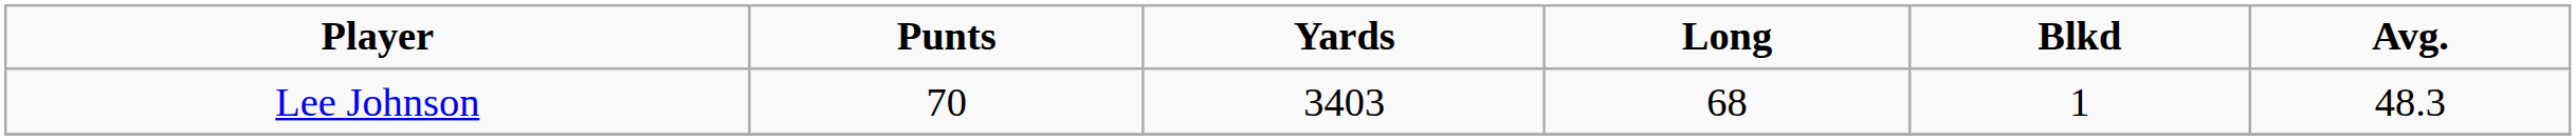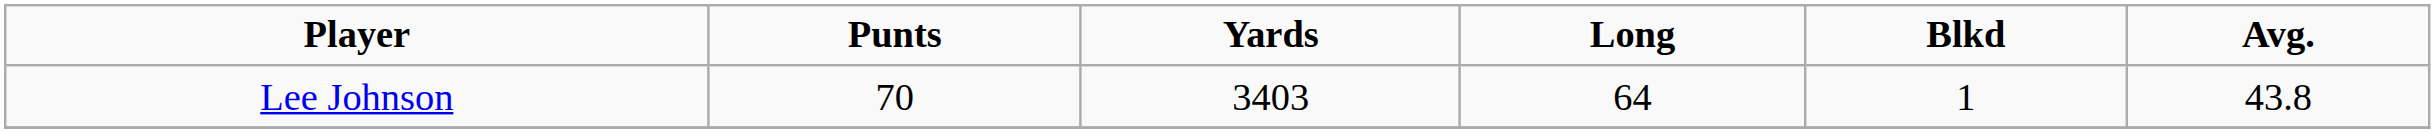 <table class="wikitable" width="80%">
 <tr align="center">
 <td><strong>Player</strong></td>
 <td><strong>Punts</strong></td>
 <td><strong>Yards</strong></td>
 <td><strong>Long</strong></td>
 <td><strong>Blkd</strong></td>
 <td><strong>Avg.</strong></td>
 </tr>
 <tr align="center" bgcolor="">
 <td><a href='#'>Lee Johnson</a></td>
 <td>70</td>
 <td>3403</td>
-<td>68</td>
+<td>64</td>
 <td>1</td>
-<td>48.3</td>
+<td>43.8</td>
 </tr>
 <tr align="center" bgcolor="">
 </tr>
 </table>
